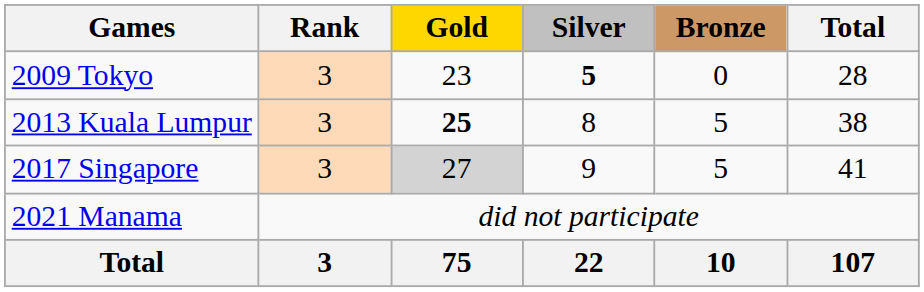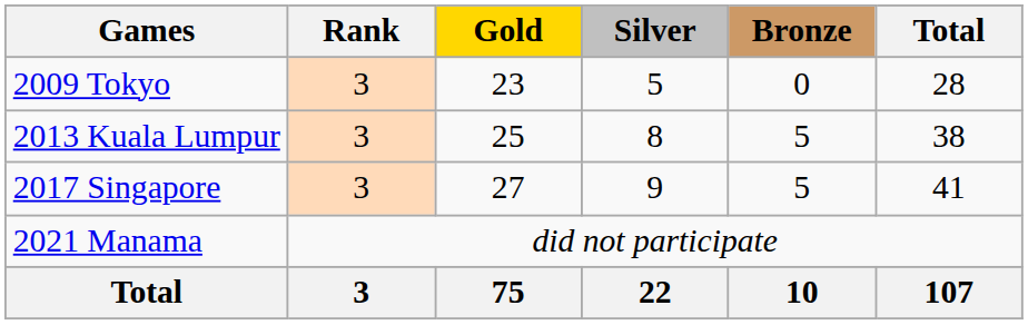 <table class="wikitable sortable" style="margin-top:0em; text-align:center; font-size:100%;">
 <tr>
 <th>Games</th>
 <th style="width:4em;">Rank</th>
 <th style="background:gold; width:4em;"><strong>Gold</strong></th>
 <th style="background:silver; width:4em;"><strong>Silver</strong></th>
 <th style="background:#cc9966; width:4em;"><strong>Bronze</strong></th>
 <th style="width:4em;">Total</th>
 </tr>
 <tr>
 <td align=left><a href='#'>2009 Tokyo</a></td>
 <td bgcolor=ffdab9>3</td>
 <td>23</td>
-<td><strong>5</strong></td>
+<td>5</td>
 <td>0</td>
 <td>28</td>
 </tr>
 <tr>
 <td align=left><a href='#'>2013 Kuala Lumpur</a></td>
 <td bgcolor=ffdab9>3</td>
-<td><strong>25</strong></td>
+<td>25</td>
 <td>8</td>
 <td>5</td>
 <td>38</td>
 </tr>
 <tr>
 <td align=left><a href='#'>2017 Singapore</a></td>
 <td bgcolor=ffdab9>3</td>
-<td style="background: lightgrey;">27</td>
+<td>27</td>
 <td>9</td>
 <td>5</td>
 <td>41</td>
 </tr>
 <tr>
 <td align=left><a href='#'>2021 Manama</a></td>
 <td colspan=5><em>did not participate</em></td>
 </tr>
 <tr>
 <th>Total</th>
 <th>3</th>
 <th>75</th>
 <th>22</th>
 <th>10</th>
 <th>107</th>
 </tr>
 </table>
